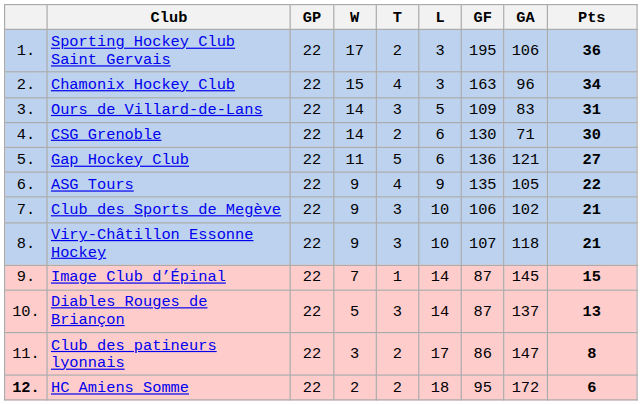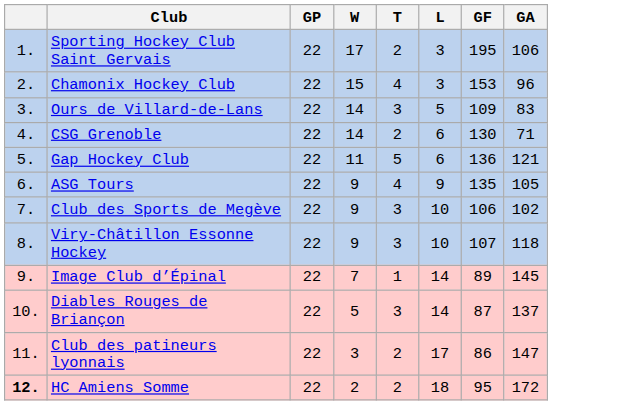 <table class="wikitable">
 <tr>
 <th width="30"></th>
 <th width="200">Club</th>
 <th width="30">GP</th>
 <th width="30">W</th>
 <th width="30">T</th>
 <th width="30">L</th>
 <th width="30">GF</th>
 <th width="30">GA</th>
-<th width="70">Pts</th>
 </tr>
 <tr bgcolor="#BCD2EE" align="center">
 <td>1.</td>
 <td align="left"><a href='#'>Sporting Hockey Club Saint Gervais</a></td>
 <td>22</td>
 <td>17</td>
 <td>2</td>
 <td>3</td>
 <td>195</td>
 <td>106</td>
-<td><strong>36</strong></td>
 </tr>
 <tr bgcolor="#BCD2EE" align="center">
 <td>2.</td>
 <td align="left"><a href='#'>Chamonix Hockey Club</a></td>
 <td>22</td>
 <td>15</td>
 <td>4</td>
 <td>3</td>
-<td>163</td>
+<td>153</td>
 <td>96</td>
-<td><strong>34</strong></td>
 </tr>
 <tr bgcolor="#BCD2EE" align="center">
 <td>3.</td>
 <td align="left"><a href='#'>Ours de Villard-de-Lans</a></td>
 <td>22</td>
 <td>14</td>
 <td>3</td>
 <td>5</td>
 <td>109</td>
 <td>83</td>
-<td><strong>31</strong></td>
 </tr>
 <tr bgcolor="#BCD2EE" align="center">
 <td>4.</td>
 <td align="left"><a href='#'>CSG Grenoble</a></td>
 <td>22</td>
 <td>14</td>
 <td>2</td>
 <td>6</td>
 <td>130</td>
 <td>71</td>
-<td><strong>30</strong></td>
 </tr>
 <tr bgcolor="#BCD2EE" align="center">
 <td>5.</td>
 <td align="left"><a href='#'>Gap Hockey Club</a></td>
 <td>22</td>
 <td>11</td>
 <td>5</td>
 <td>6</td>
 <td>136</td>
 <td>121</td>
-<td><strong>27</strong></td>
 </tr>
 <tr bgcolor="#BCD2EE" align="center">
 <td>6.</td>
 <td align="left"><a href='#'>ASG Tours</a></td>
 <td>22</td>
 <td>9</td>
 <td>4</td>
 <td>9</td>
 <td>135</td>
 <td>105</td>
-<td><strong>22</strong></td>
 </tr>
 <tr bgcolor="#BCD2EE" align="center">
 <td>7.</td>
 <td align="left"><a href='#'>Club des Sports de Megève</a></td>
 <td>22</td>
 <td>9</td>
 <td>3</td>
 <td>10</td>
 <td>106</td>
 <td>102</td>
-<td><strong>21</strong></td>
 </tr>
 <tr bgcolor="#BCD2EE" align="center">
 <td>8.</td>
 <td align="left"><a href='#'>Viry-Châtillon Essonne Hockey&lrm;</a></td>
 <td>22</td>
 <td>9</td>
 <td>3</td>
 <td>10</td>
 <td>107</td>
 <td>118</td>
-<td><strong>21</strong></td>
 </tr>
 <tr bgcolor="#FFCCCC" align="center">
 <td>9.</td>
 <td align="left"><a href='#'>Image Club d’Épinal</a></td>
 <td>22</td>
 <td>7</td>
 <td>1</td>
 <td>14</td>
-<td>87</td>
+<td>89</td>
 <td>145</td>
-<td><strong>15</strong></td>
 </tr>
 <tr bgcolor="#FFCCCC" align="center">
 <td>10.</td>
 <td align="left"><a href='#'>Diables Rouges de Briançon</a></td>
 <td>22</td>
 <td>5</td>
 <td>3</td>
 <td>14</td>
 <td>87</td>
 <td>137</td>
-<td><strong>13</strong></td>
 </tr>
 <tr bgcolor="#FFCCCC" align="center">
 <td>11.</td>
 <td align="left"><a href='#'>Club des patineurs lyonnais</a></td>
 <td>22</td>
 <td>3</td>
 <td>2</td>
 <td>17</td>
 <td>86</td>
 <td>147</td>
-<td><strong>8</strong></td>
 </tr>
 <tr bgcolor="#FFCCCC" align="center">
 <td><strong>12.</strong></td>
 <td align="left"><a href='#'>HC Amiens Somme</a></td>
 <td>22</td>
 <td>2</td>
 <td>2</td>
 <td>18</td>
 <td>95</td>
 <td>172</td>
-<td><strong>6</strong></td>
 </tr>
 </table>
